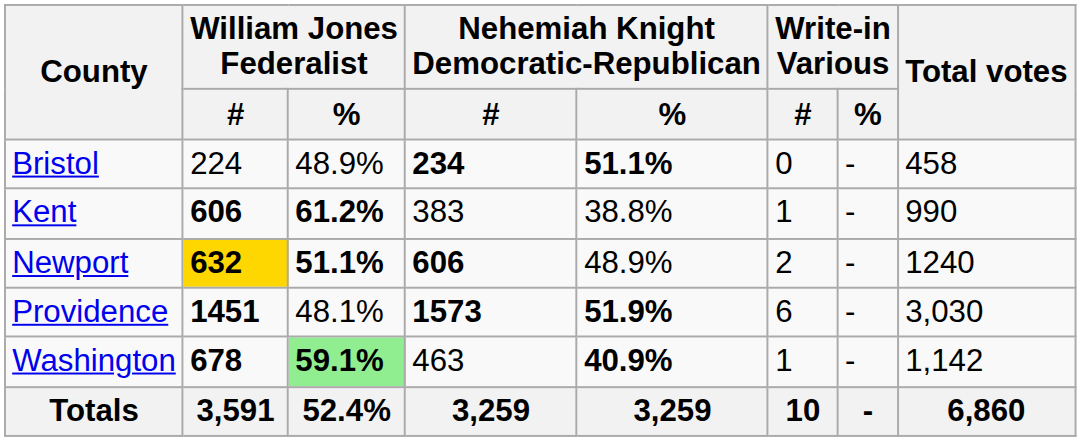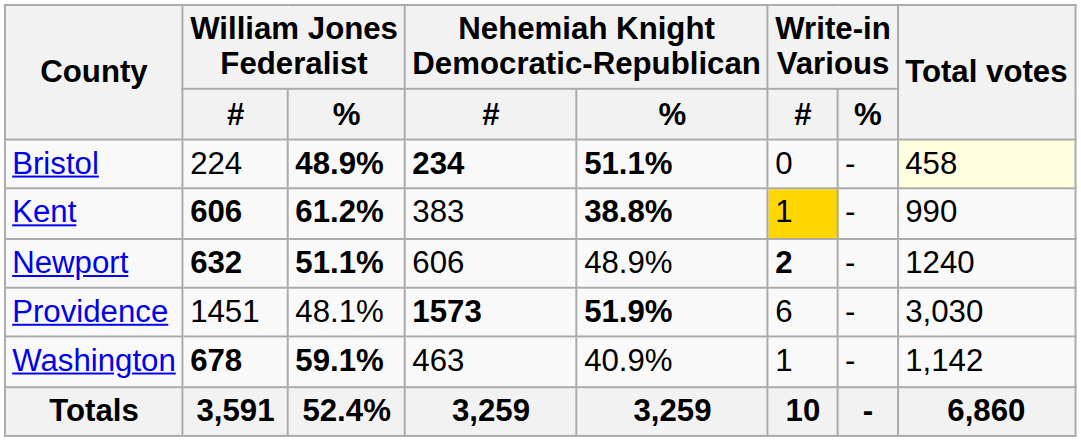 <table class="wikitable sortable">
 <tr>
 <th rowspan="2" scope="col">County</th>
 <th colspan="2" scope="col">William Jones<br>Federalist</th>
 <th colspan="2" scope="col">Nehemiah Knight<br>Democratic-Republican</th>
 <th colspan="2" scope="col">Write-in<br>Various</th>
 <th rowspan="2" scope="col">Total votes</th>
 </tr>
 <tr>
 <th>#</th>
 <th>%</th>
 <th>#</th>
 <th>%</th>
 <th>#</th>
 <th>%</th>
 </tr>
 <tr>
 <td><a href='#'>Bristol</a></td>
 <td>224</td>
-<td>48.9%</td>
+<td><strong>48.9%</strong></td>
 <td><strong>234</strong></td>
 <td><strong>51.1%</strong></td>
 <td>0</td>
 <td>-</td>
-<td>458</td>
+<td style="background: lightyellow;">458</td>
 </tr>
 <tr>
 <td><a href='#'>Kent</a></td>
 <td><strong>606</strong></td>
 <td><strong>61.2%</strong></td>
 <td>383</td>
-<td>38.8%</td>
-<td>1</td>
+<td><strong>38.8%</strong></td>
+<td style="background: gold;">1</td>
 <td>-</td>
 <td>990</td>
 </tr>
 <tr>
 <td><a href='#'>Newport</a></td>
-<td style="background: gold;"><strong>632</strong></td>
+<td><strong>632</strong></td>
 <td><strong>51.1%</strong></td>
-<td><strong>606</strong></td>
+<td>606</td>
 <td>48.9%</td>
-<td>2</td>
+<td><strong>2</strong></td>
 <td>-</td>
 <td>1240</td>
 </tr>
 <tr>
 <td><a href='#'>Providence</a></td>
-<td><strong>1451</strong></td>
+<td>1451</td>
 <td>48.1%</td>
 <td><strong>1573</strong></td>
 <td><strong>51.9%</strong></td>
 <td>6</td>
 <td>-</td>
 <td>3,030</td>
 </tr>
 <tr>
 <td><a href='#'>Washington</a></td>
 <td><strong>678</strong></td>
-<td style="background: lightgreen;"><strong>59.1%</strong></td>
+<td><strong>59.1%</strong></td>
 <td>463</td>
-<td><strong>40.9%</strong></td>
+<td>40.9%</td>
 <td>1</td>
 <td>-</td>
 <td>1,142</td>
 </tr>
 <tr>
 <th>Totals</th>
 <th>3,591</th>
 <th>52.4%</th>
 <th>3,259</th>
 <th>3,259</th>
 <th>10</th>
 <th>-</th>
 <th>6,860</th>
 </tr>
 </table>
